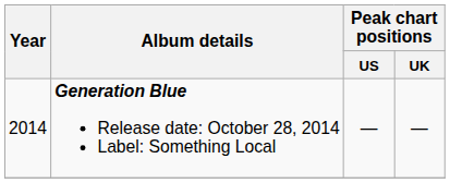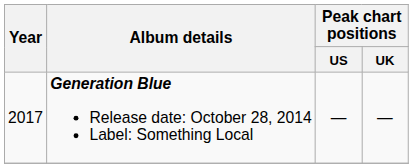 <table class="wikitable" style="text-align:center;">
 <tr>
 <th rowspan="2">Year</th>
 <th rowspan="2">Album details</th>
 <th colspan="2">Peak chart positions</th>
 </tr>
 <tr>
 <th width="40"><small>US</small></th>
 <th width="40"><small>UK</small></th>
 </tr>
 <tr>
-<td>2014</td>
+<td>2017</td>
 <td style="text-align:left;"><strong><em>Generation Blue</em></strong><br><ul><li>Release date: October 28, 2014</li><li>Label: Something Local</li></ul></td>
 <td>—</td>
 <td>—</td>
 </tr>
 <tr>
 </tr>
 </table>
